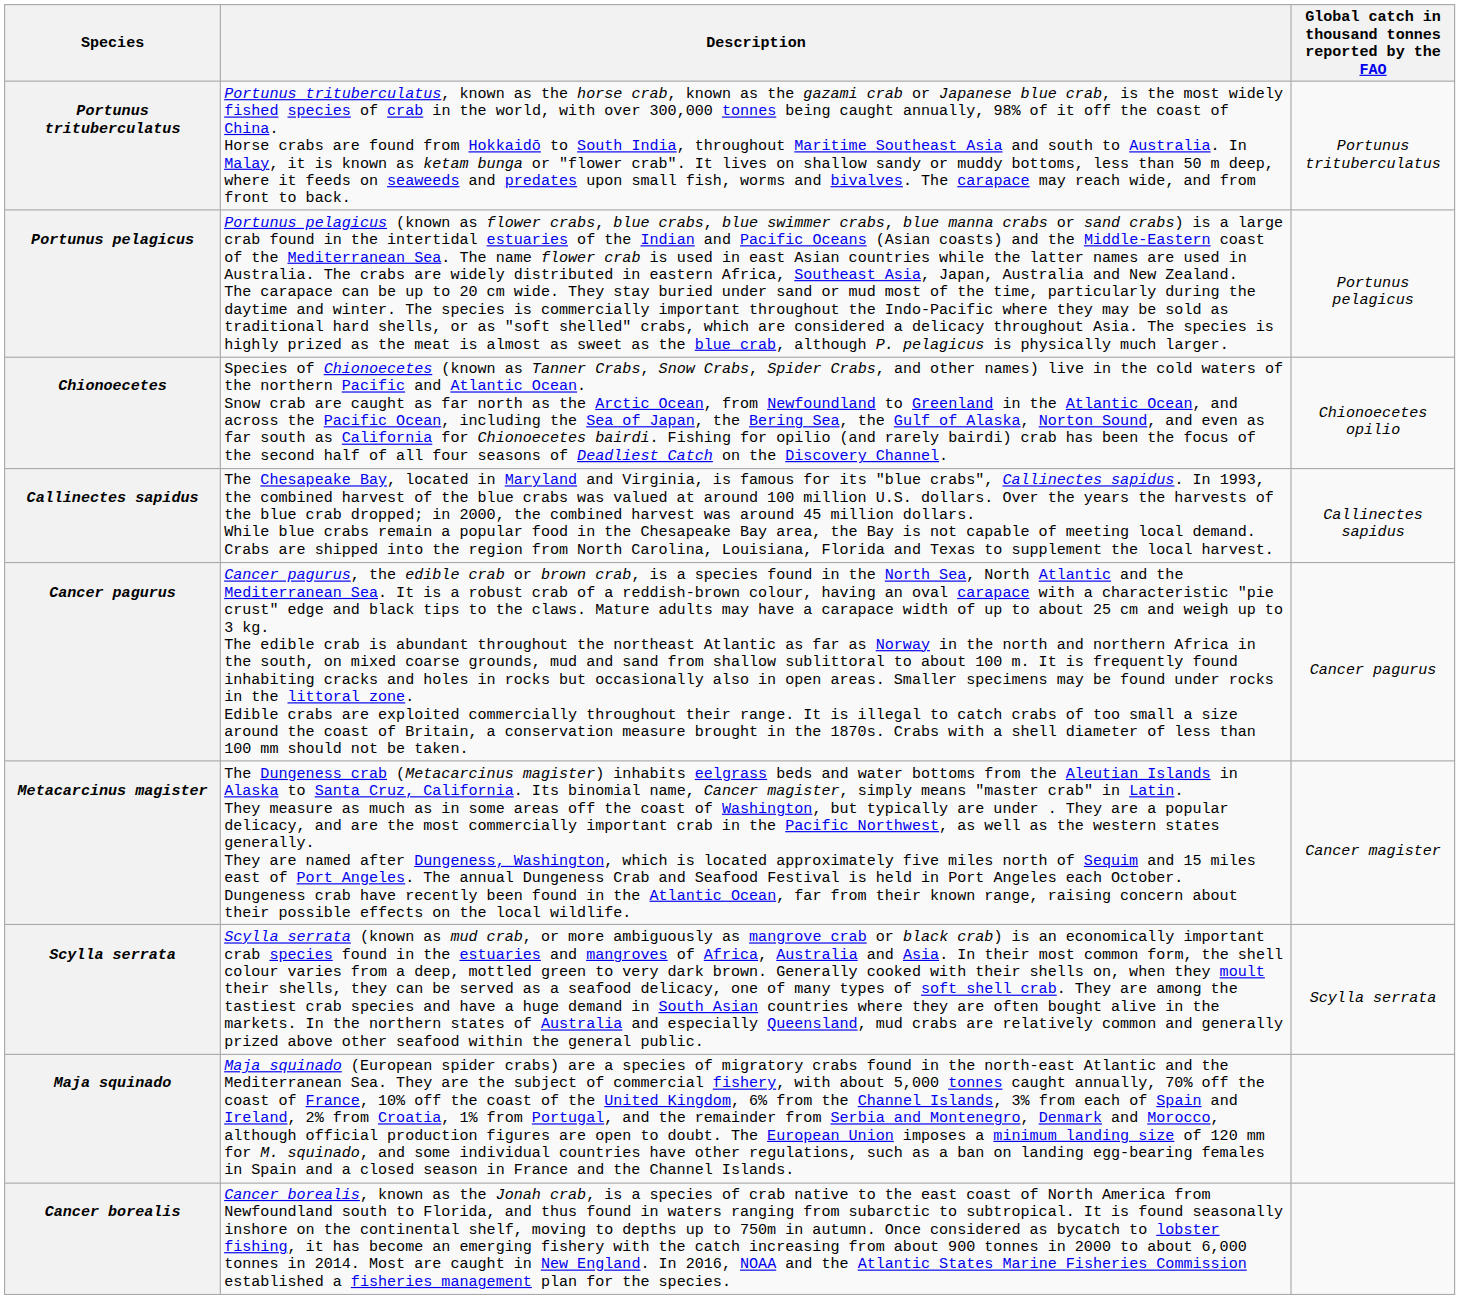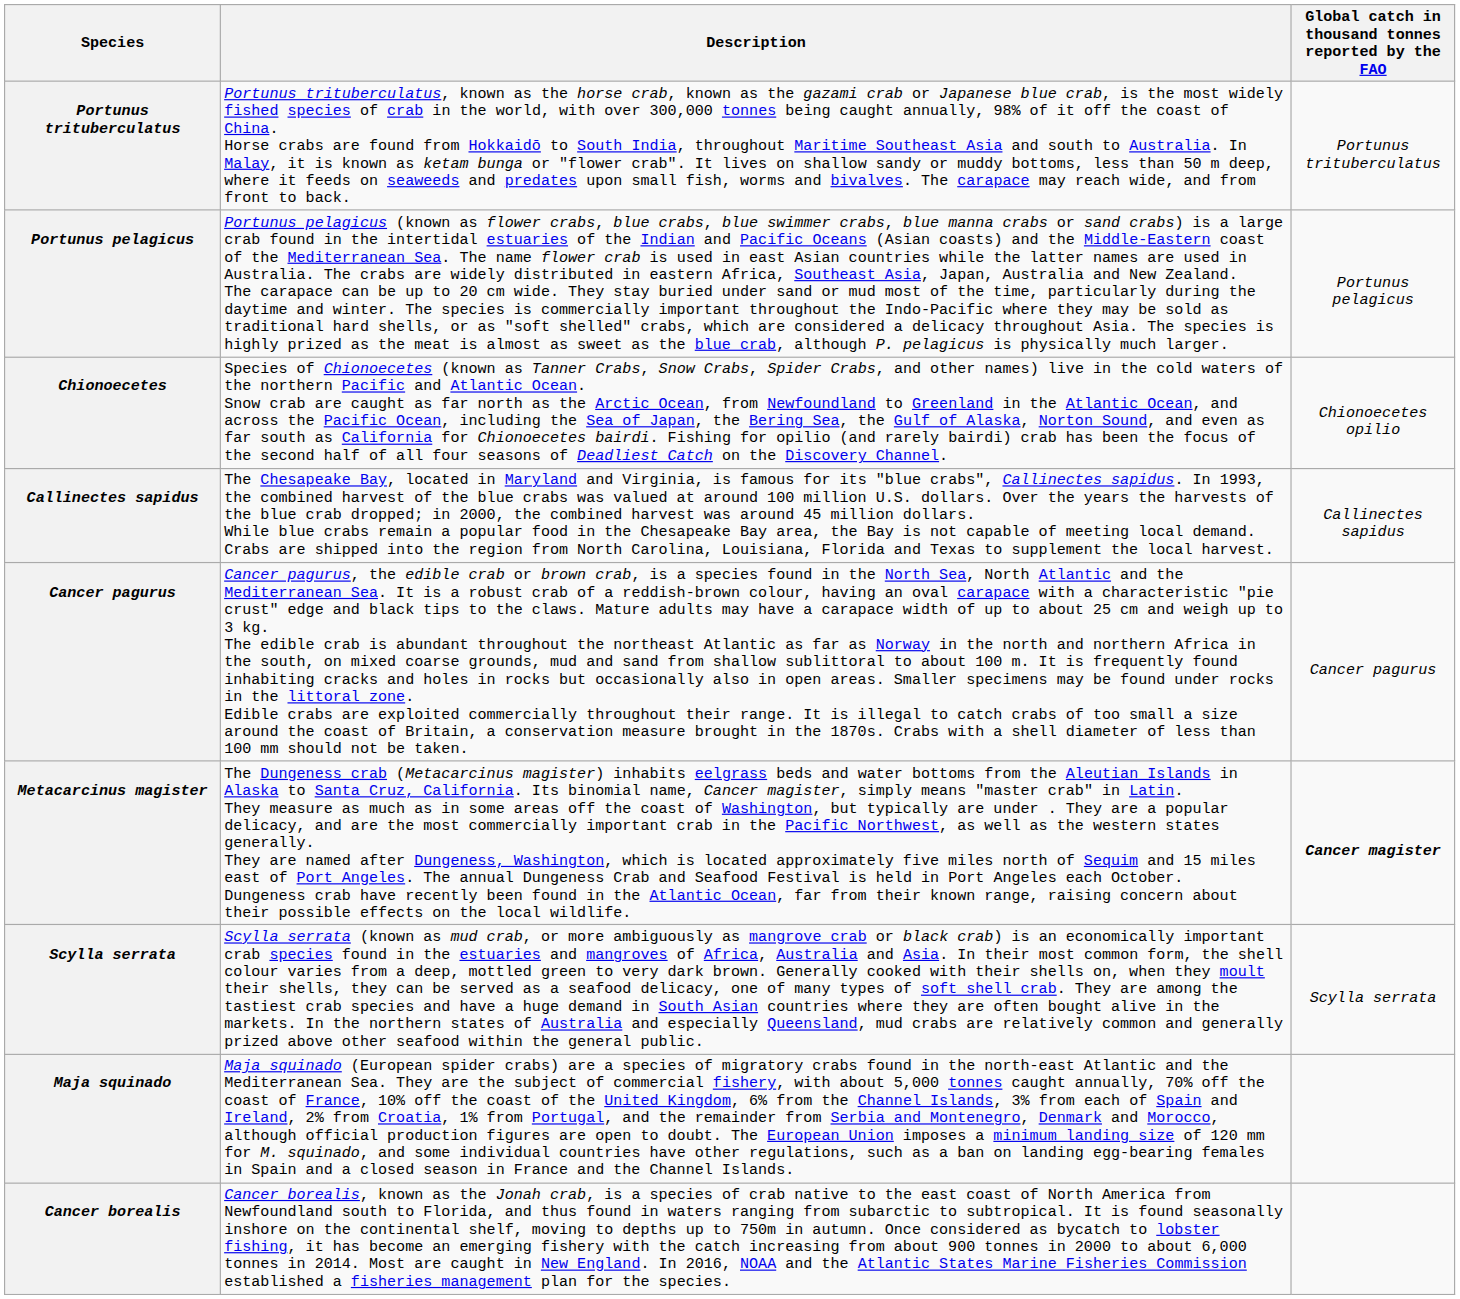 <table class="wikitable">
 <tr>
 <th width=180px>Species</th>
 <th>Description</th>
 <th>Global catch in thousand tonnes<br>reported by the <a href='#'>FAO</a></th>
 </tr>
 <tr>
 <th valign=top><br><em>Portunus trituberculatus</em><br><br><br></th>
 <td align=top><em><a href='#'>Portunus trituberculatus</a></em>, known as the <em>horse crab</em>, known as the <em>gazami crab</em> or <em>Japanese blue crab</em>, is the most widely <a href='#'>fished</a> <a href='#'>species</a> of <a href='#'>crab</a> in the world, with over 300,000 <a href='#'>tonnes</a> being caught annually, 98% of it off the coast of <a href='#'>China</a>.<br>Horse crabs are found from <a href='#'>Hokkaidō</a> to <a href='#'>South India</a>, throughout <a href='#'>Maritime Southeast Asia</a> and south to <a href='#'>Australia</a>. In <a href='#'>Malay</a>, it is known as <em>ketam bunga</em> or "flower crab". It lives on shallow sandy or muddy bottoms, less than 50 m deep, where it feeds on <a href='#'>seaweeds</a> and <a href='#'>predates</a> upon small fish, worms and <a href='#'>bivalves</a>. The <a href='#'>carapace</a> may reach  wide, and  from front to back.<br></td>
 <td align=center><br><em>Portunus trituberculatus</em></td>
 </tr>
 <tr>
 <th valign=top><br><em>Portunus pelagicus</em><br><br><br></th>
 <td valign=top><em><a href='#'>Portunus pelagicus</a></em> (known as <em>flower crabs</em>, <em>blue crabs</em>, <em>blue swimmer crabs</em>, <em>blue manna crabs</em> or <em>sand crabs</em>) is a large crab found in the intertidal <a href='#'>estuaries</a> of the <a href='#'>Indian</a> and <a href='#'>Pacific Oceans</a> (Asian coasts) and the <a href='#'>Middle-Eastern</a> coast of the <a href='#'>Mediterranean Sea</a>. The name <em>flower crab</em> is used in east Asian countries while the latter names are used in Australia. The crabs are widely distributed in eastern Africa, <a href='#'>Southeast Asia</a>, Japan, Australia and New Zealand.<br>The carapace can be up to 20 cm wide. They stay buried under sand or mud most of the time, particularly during the daytime and winter. The species is commercially important throughout the Indo-Pacific where they may be sold as traditional hard shells, or as "soft shelled" crabs, which are considered a delicacy throughout Asia. The species is highly prized as the meat is almost as sweet as the <a href='#'>blue crab</a>, although <em>P. pelagicus</em> is physically much larger.</td>
 <td align=center><br><em>Portunus pelagicus</em></td>
 </tr>
 <tr>
 <th valign=top><br><em>Chionoecetes</em><br><br><br></th>
 <td valign=top>Species of <em><a href='#'>Chionoecetes</a></em> (known as <em>Tanner Crabs</em>, <em>Snow Crabs</em>, <em>Spider Crabs</em>, and other names) live in the cold waters of the northern <a href='#'>Pacific</a> and <a href='#'>Atlantic Ocean</a>.<br>Snow crab are caught as far north as the <a href='#'>Arctic Ocean</a>, from <a href='#'>Newfoundland</a> to <a href='#'>Greenland</a> in the <a href='#'>Atlantic Ocean</a>, and across the <a href='#'>Pacific Ocean</a>, including the <a href='#'>Sea of Japan</a>, the <a href='#'>Bering Sea</a>, the <a href='#'>Gulf of Alaska</a>, <a href='#'>Norton Sound</a>, and even as far south as <a href='#'>California</a> for <em>Chionoecetes bairdi</em>. Fishing for opilio (and rarely bairdi) crab has been the focus of the second half of all four seasons of <em><a href='#'>Deadliest Catch</a></em> on the <a href='#'>Discovery Channel</a>.</td>
 <td align=center><br><em>Chionoecetes opilio</em></td>
 </tr>
 <tr>
 <th valign=top><br><em>Callinectes sapidus</em><br><br><br></th>
 <td valign=top>The <a href='#'>Chesapeake Bay</a>, located in <a href='#'>Maryland</a> and Virginia, is famous for its "blue crabs", <em><a href='#'>Callinectes sapidus</a></em>. In 1993, the combined harvest of the blue crabs was valued at around 100 million U.S. dollars. Over the years the harvests of the blue crab dropped; in 2000, the combined harvest was around 45 million dollars.<br>While blue crabs remain a popular food in the Chesapeake Bay area, the Bay is not capable of meeting local demand. Crabs are shipped into the region from North Carolina, Louisiana, Florida and Texas to supplement the local harvest.</td>
 <td align=center><br><em>Callinectes sapidus</em></td>
 </tr>
 <tr>
 <th valign=top><br><em>Cancer pagurus</em><br><br><br></th>
 <td valign=top><em><a href='#'>Cancer pagurus</a></em>, the <em>edible crab</em> or <em>brown crab</em>, is a species found in the <a href='#'>North Sea</a>, North <a href='#'>Atlantic</a> and the <a href='#'>Mediterranean Sea</a>. It is a robust crab of a reddish-brown colour, having an oval <a href='#'>carapace</a> with a characteristic "pie crust" edge and black tips to the claws. Mature adults may have a carapace width of up to about 25 cm and weigh up to 3 kg.<br>The edible crab is abundant throughout the northeast Atlantic as far as <a href='#'>Norway</a> in the north and northern Africa in the south, on mixed coarse grounds, mud and sand from shallow sublittoral to about 100 m. It is frequently found inhabiting cracks and holes in rocks but occasionally also in open areas. Smaller specimens may be found under rocks in the <a href='#'>littoral zone</a>.<br>Edible crabs are exploited commercially throughout their range. It is illegal to catch crabs of too small a size around the coast of Britain, a conservation measure brought in the 1870s. Crabs with a shell diameter of less than 100 mm should not be taken.</td>
 <td align=center><br><em>Cancer pagurus</em></td>
 </tr>
 <tr>
 <th valign=top><br><em>Metacarcinus magister</em><br><br><br></th>
 <td valign=top>The <a href='#'>Dungeness crab</a> (<em>Metacarcinus magister</em>) inhabits <a href='#'>eelgrass</a> beds and water bottoms from the <a href='#'>Aleutian Islands</a> in <a href='#'>Alaska</a> to <a href='#'>Santa Cruz, California</a>. Its binomial name, <em>Cancer magister</em>, simply means "master crab" in <a href='#'>Latin</a>.<br>They measure as much as  in some areas off the coast of <a href='#'>Washington</a>, but typically are under . They are a popular delicacy, and are the most commercially important crab in the <a href='#'>Pacific Northwest</a>, as well as the western states generally.<br>They are named after <a href='#'>Dungeness, Washington</a>, which is located approximately five miles north of <a href='#'>Sequim</a> and 15 miles east of <a href='#'>Port Angeles</a>. The annual Dungeness Crab and Seafood Festival is held in Port Angeles each October.<br>Dungeness crab have recently been found in the <a href='#'>Atlantic Ocean</a>, far from their known range, raising concern about their possible effects on the local wildlife.</td>
-<td align=center><br><em>Cancer magister</em></td>
+<td align=center><strong><br><em>Cancer magister</em></strong></td>
 </tr>
 <tr>
 <th valign=top><br><em>Scylla serrata</em><br><br><br></th>
 <td valign=top><em><a href='#'>Scylla serrata</a></em> (known as <em>mud crab</em>, or more ambiguously as <a href='#'>mangrove crab</a> or <em>black crab</em>) is an economically important crab <a href='#'>species</a> found in the <a href='#'>estuaries</a> and <a href='#'>mangroves</a> of <a href='#'>Africa</a>, <a href='#'>Australia</a> and <a href='#'>Asia</a>. In their most common form, the shell colour varies from a deep, mottled green to very dark brown. Generally cooked with their shells on, when they <a href='#'>moult</a> their shells, they can be served as a seafood delicacy, one of many types of <a href='#'>soft shell crab</a>. They are among the tastiest crab species and have a huge demand in <a href='#'>South Asian</a> countries where they are often bought alive in the markets. In the northern states of <a href='#'>Australia</a> and especially <a href='#'>Queensland</a>, mud crabs are relatively common and generally prized above other seafood within the general public.</td>
 <td align=center><br><em>Scylla serrata</em></td>
 </tr>
 <tr>
 <th valign=top><br><em>Maja squinado</em><br><br><br></th>
 <td valign=top><em><a href='#'>Maja squinado</a></em> (European spider crabs) are a species of migratory crabs found in the north-east Atlantic and the Mediterranean Sea. They are the subject of commercial <a href='#'>fishery</a>, with about 5,000 <a href='#'>tonnes</a> caught annually, 70% off the coast of <a href='#'>France</a>, 10% off the coast of the <a href='#'>United Kingdom</a>, 6% from the <a href='#'>Channel Islands</a>, 3% from each of <a href='#'>Spain</a> and <a href='#'>Ireland</a>, 2% from <a href='#'>Croatia</a>, 1% from <a href='#'>Portugal</a>, and the remainder from <a href='#'>Serbia and Montenegro</a>, <a href='#'>Denmark</a> and <a href='#'>Morocco</a>, although official production figures are open to doubt. The <a href='#'>European Union</a> imposes a <a href='#'>minimum landing size</a> of 120 mm for <em>M. squinado</em>, and some individual countries have other regulations, such as a ban on landing egg-bearing females in Spain and a closed season in France and the Channel Islands.</td>
 <td align=center></td>
 </tr>
 <tr>
 <th valign=top><br><em>Cancer borealis</em><br><br></th>
 <td align=top><em><a href='#'>Cancer borealis</a></em>, known as the <em>Jonah crab</em>, is a species of crab native to the east coast of North America from Newfoundland south to Florida, and thus found in waters ranging from  subarctic to subtropical. It is found seasonally inshore on the continental shelf, moving to depths up to 750m in autumn. Once considered as bycatch to <a href='#'>lobster fishing</a>, it has become an emerging fishery with the catch increasing from about 900 tonnes in 2000 to about 6,000 tonnes in 2014. Most are caught in <a href='#'>New England</a>. In 2016, <a href='#'>NOAA</a> and the <a href='#'>Atlantic States Marine Fisheries Commission</a> established a <a href='#'>fisheries management</a> plan for the species.</td>
 </tr>
 </table>
